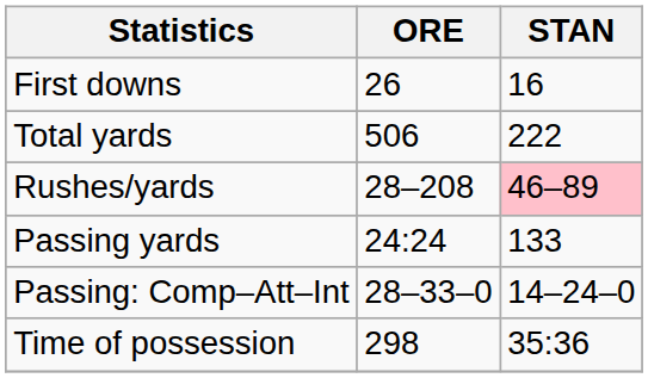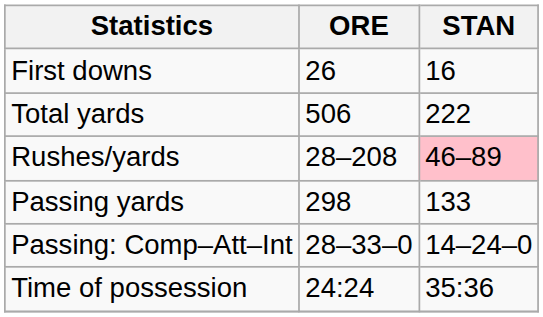 <table class="wikitable" style="float: left;">
 <tr>
 <th>Statistics</th>
 <th>ORE</th>
 <th>STAN</th>
 </tr>
 <tr>
 <td>First downs</td>
 <td>26</td>
 <td>16</td>
 </tr>
 <tr>
 <td>Total yards</td>
 <td>506</td>
 <td>222</td>
 </tr>
 <tr>
 <td>Rushes/yards</td>
 <td>28–208</td>
 <td style="background: pink;">46–89</td>
 </tr>
 <tr>
 <td>Passing yards</td>
-<td>24:24</td>
+<td>298</td>
 <td>133</td>
 </tr>
 <tr>
 <td>Passing: Comp–Att–Int</td>
 <td>28–33–0</td>
 <td>14–24–0</td>
 </tr>
 <tr>
 <td>Time of possession</td>
-<td>298</td>
+<td>24:24</td>
 <td>35:36</td>
 </tr>
 <tr>
 </tr>
 </table>
